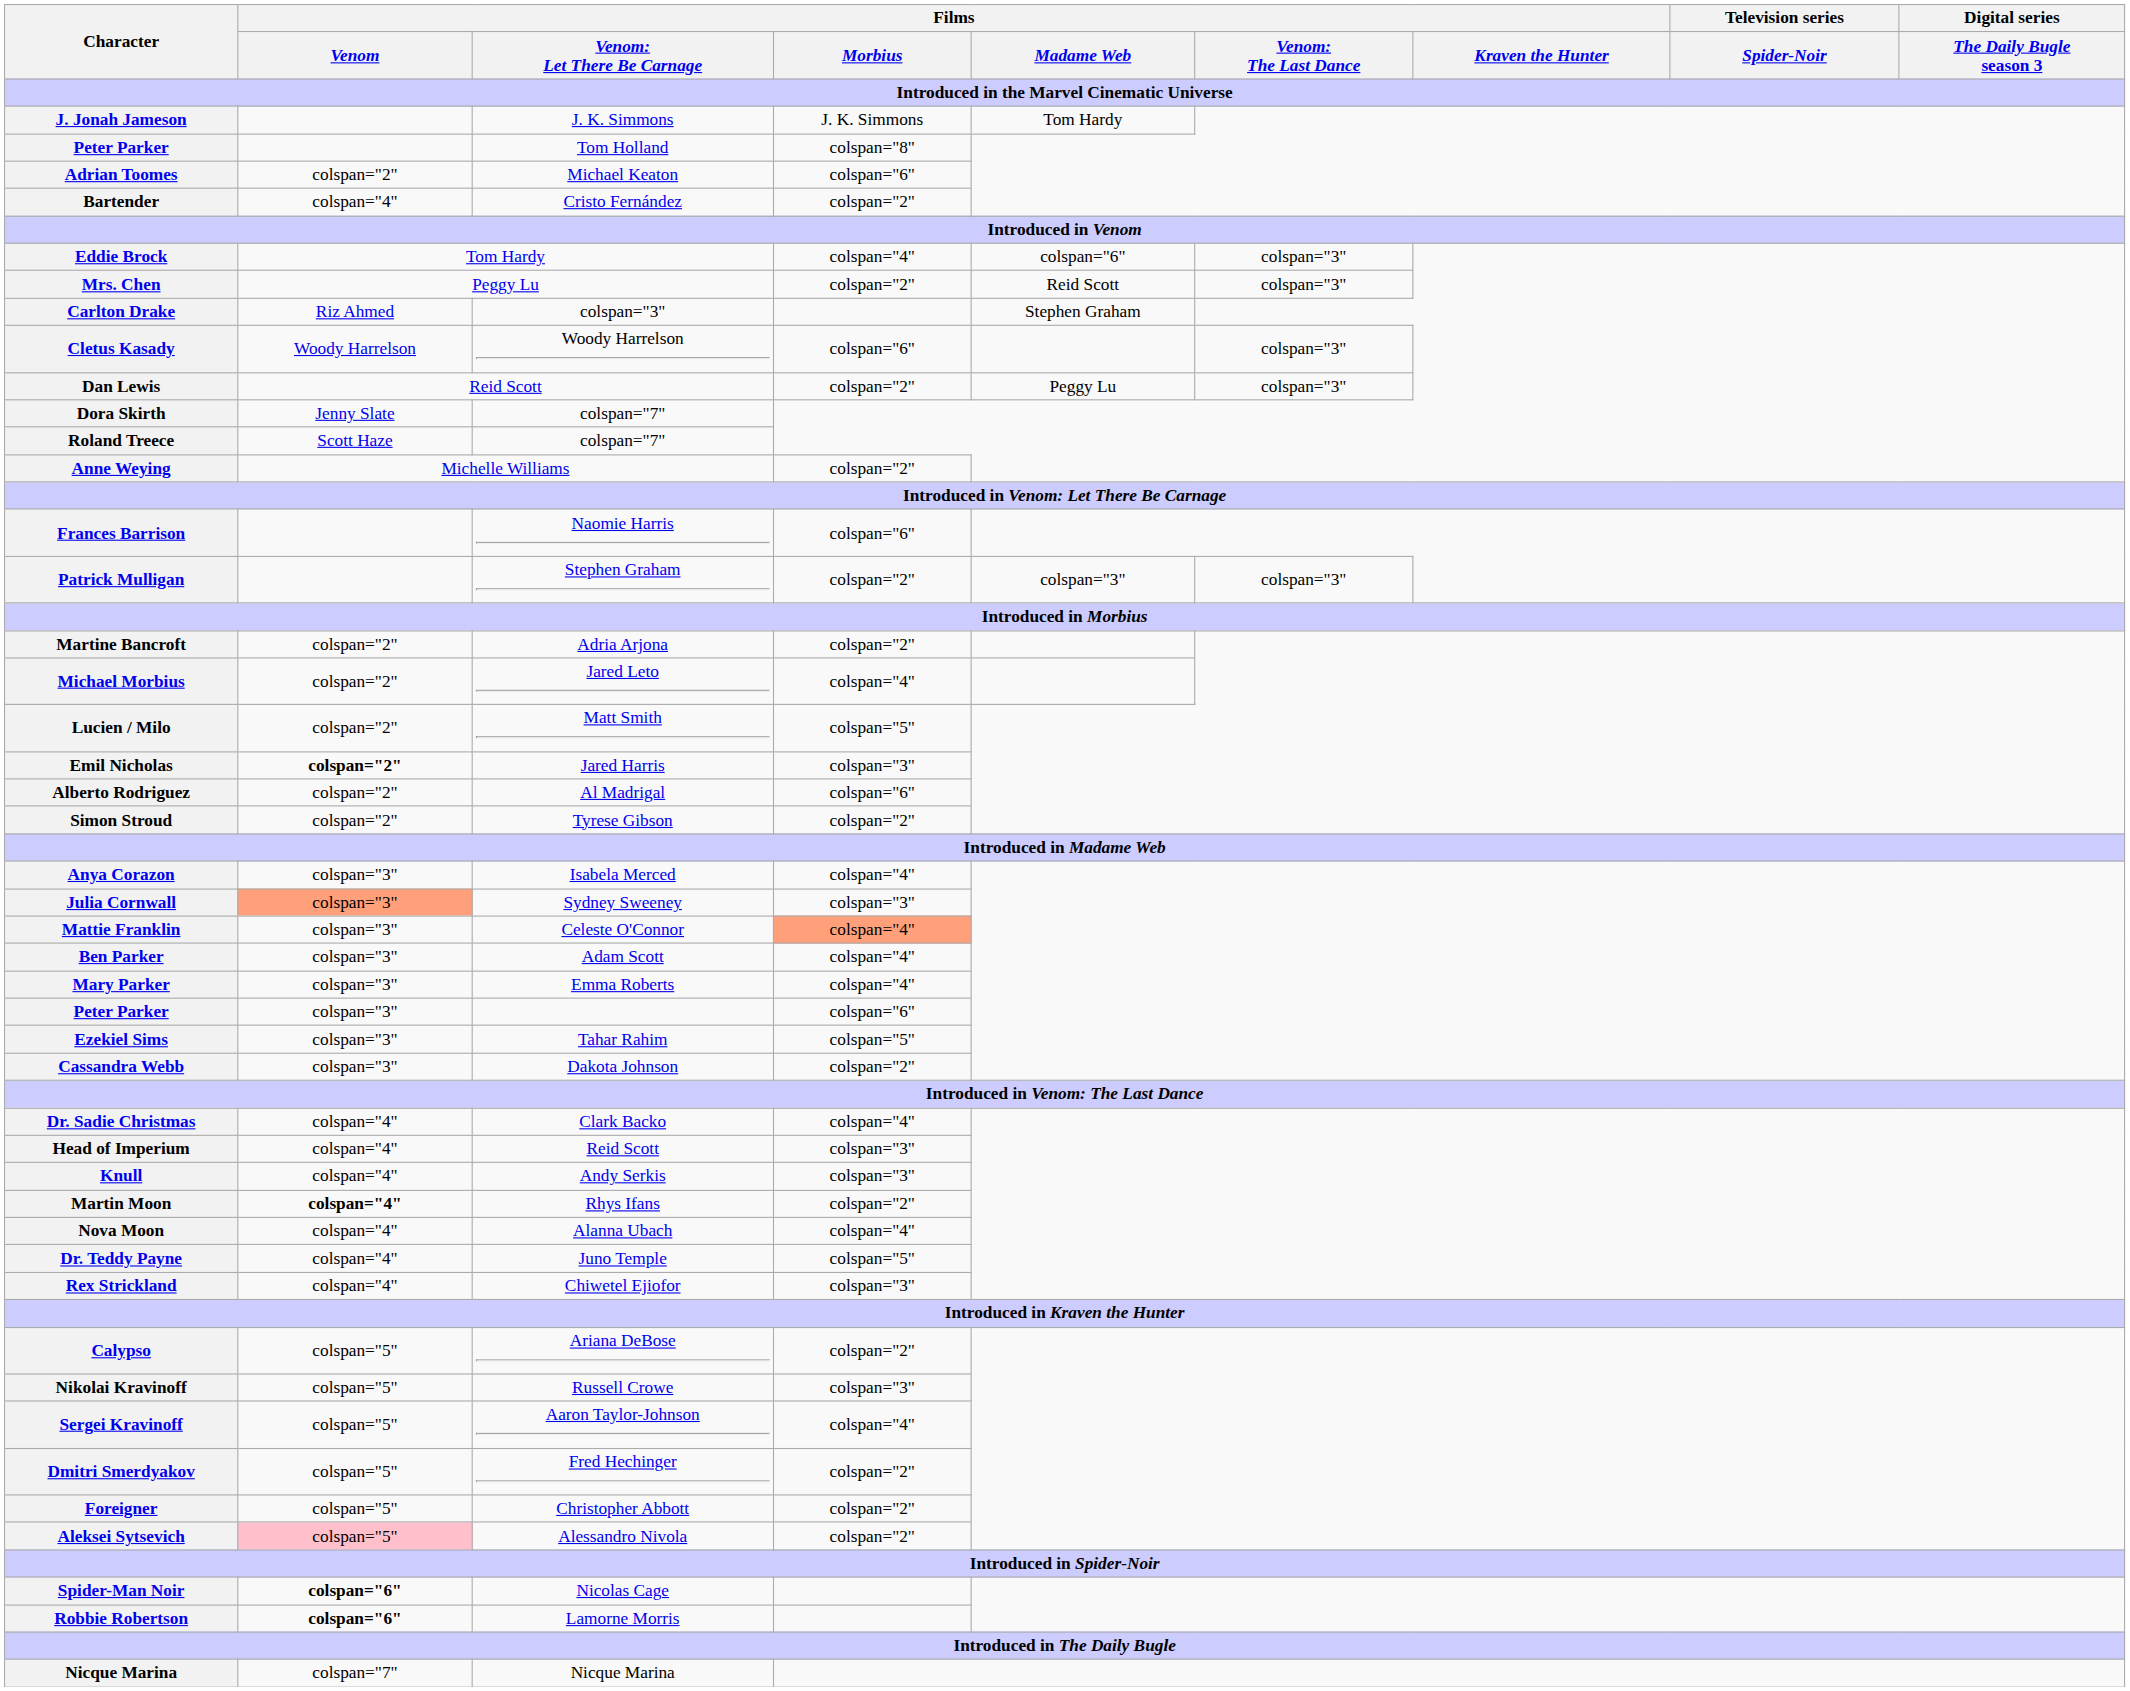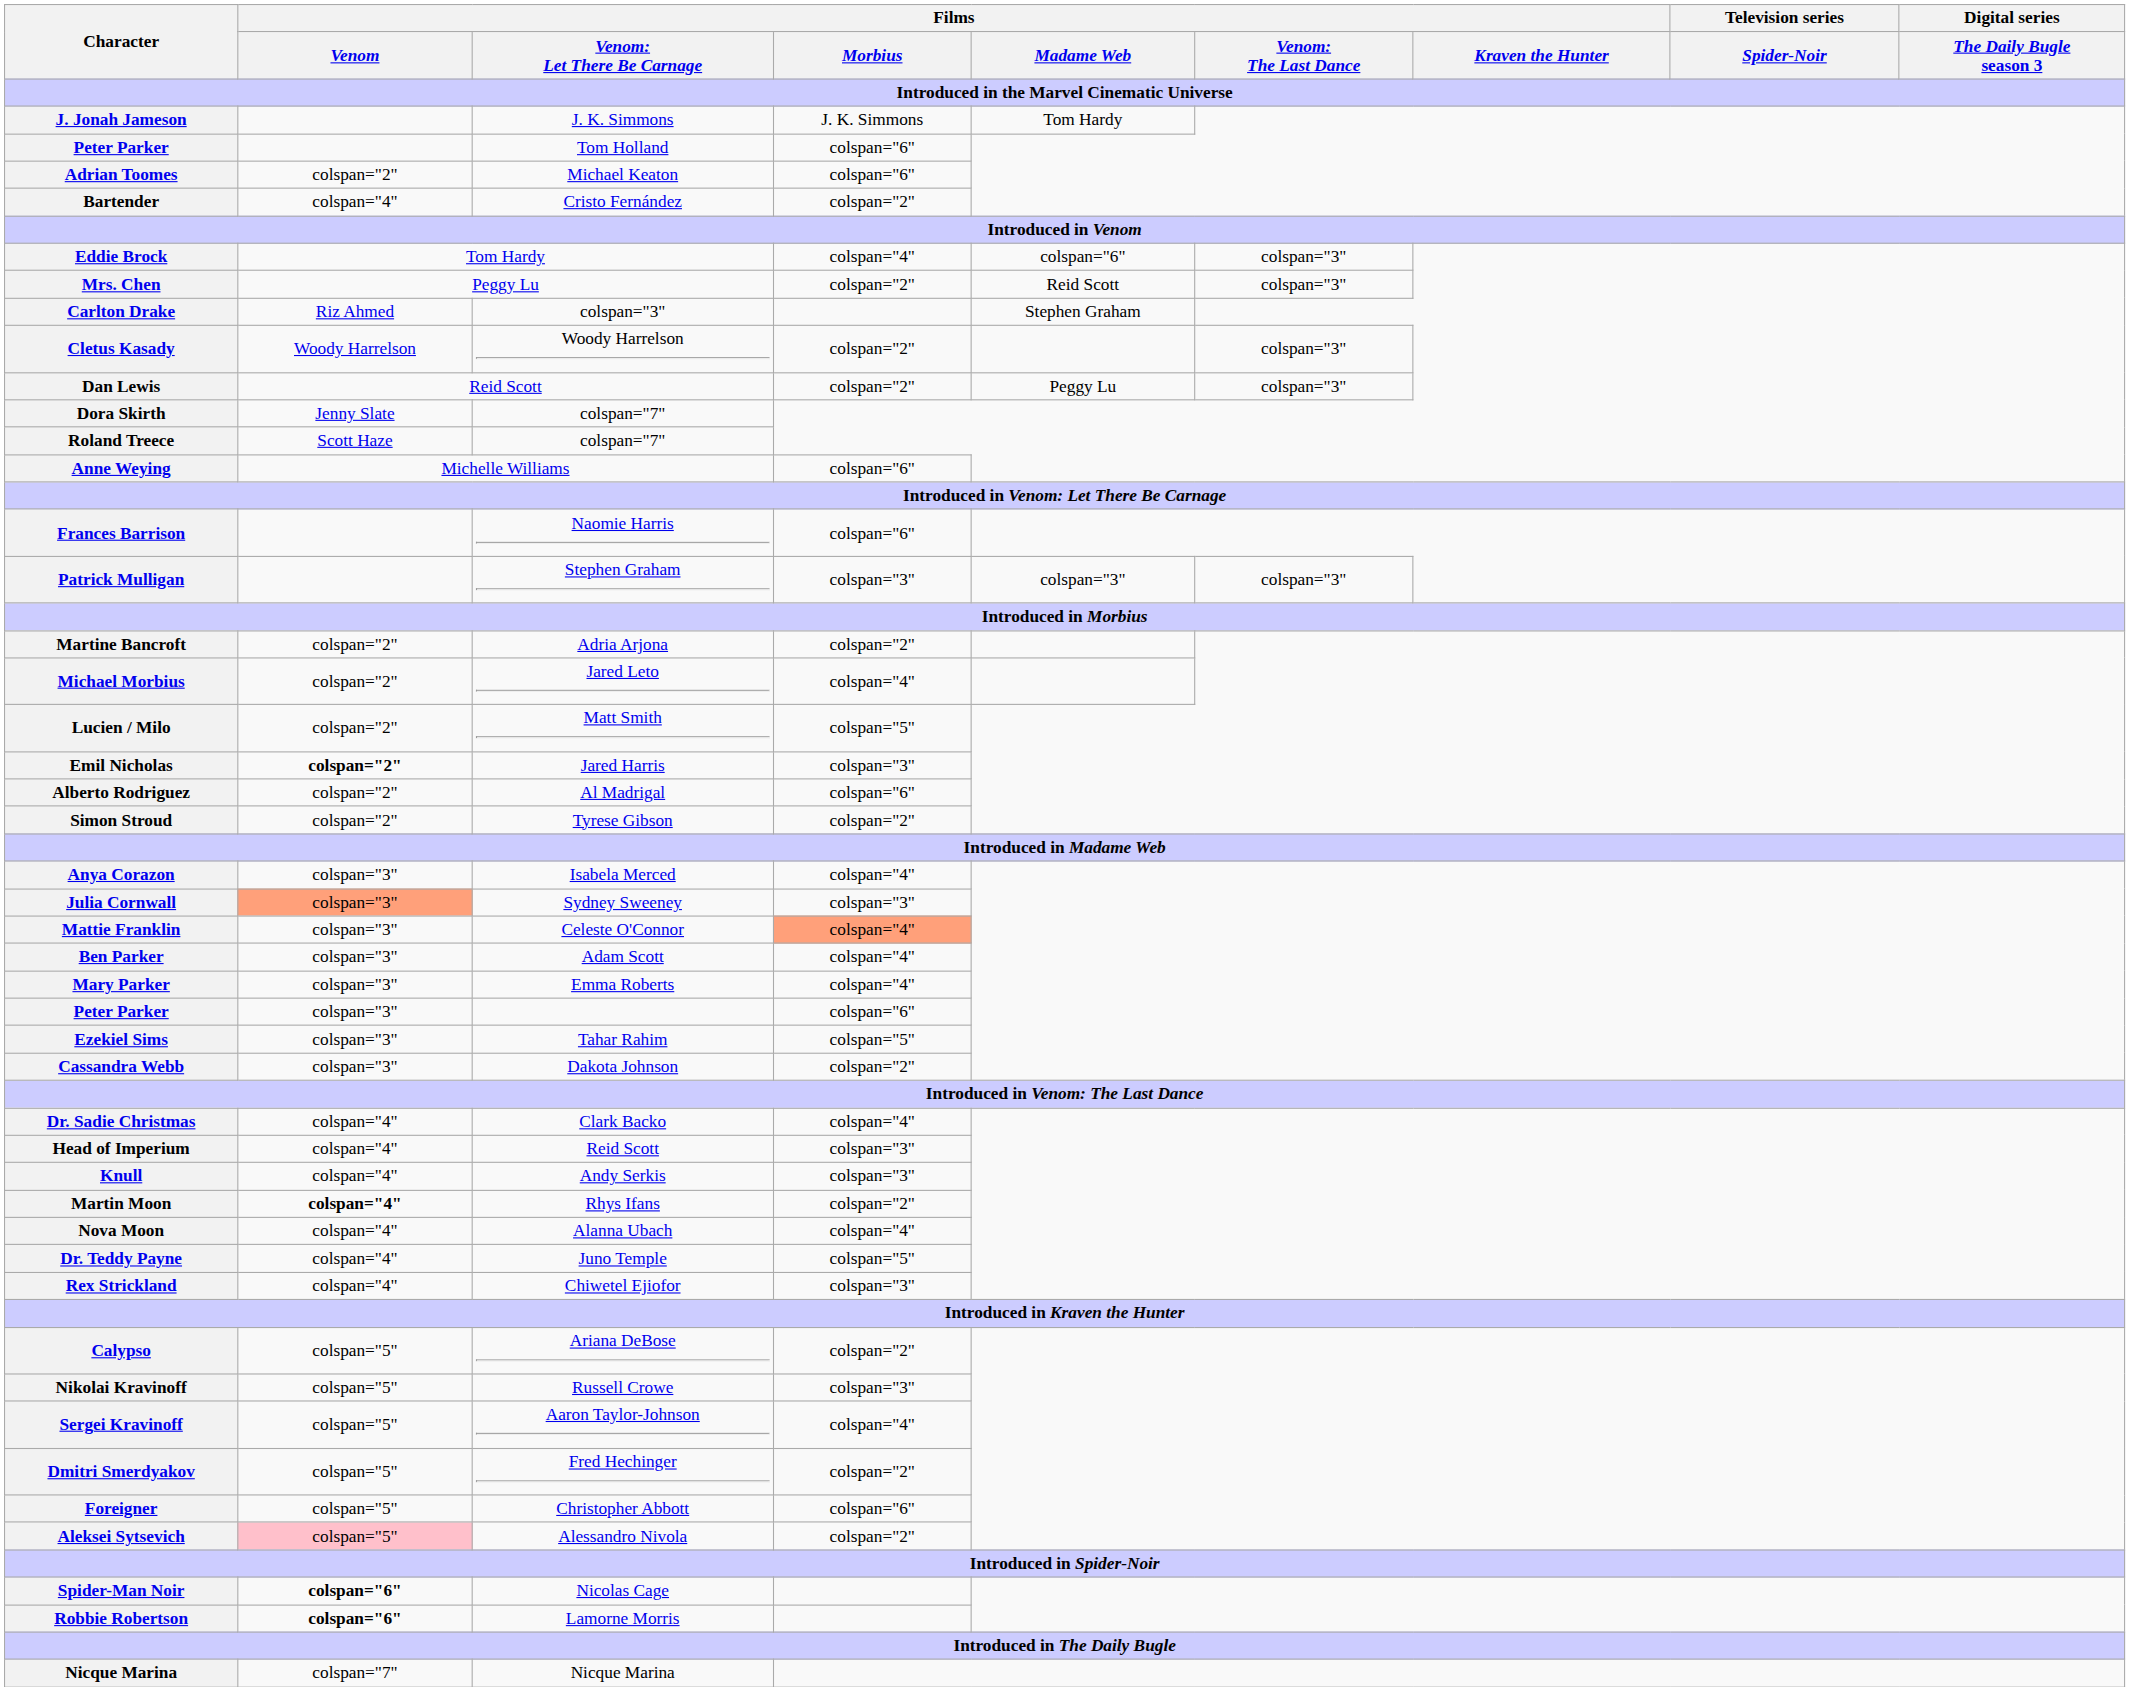 <table class="wikitable" style="text-align: center; width: 99%;">
 <tr>
 <th rowspan="2" style="width:11%;">Character</th>
 <th colspan="6">Films</th>
 <th>Television series</th>
 <th>Digital series</th>
 </tr>
 <tr>
 <th><em><a href='#'>Venom</a></em></th>
 <th><em><a href='#'>Venom:<br>Let There Be Carnage</a></em></th>
 <th><em><a href='#'>Morbius</a></em></th>
 <th><em><a href='#'>Madame Web</a></em></th>
 <th><em><a href='#'>Venom:<br>The Last Dance</a></em></th>
 <th><em><a href='#'>Kraven the Hunter</a></em></th>
 <th><em><a href='#'>Spider-Noir</a></em><br></th>
 <th><a href='#'><em>The Daily Bugle</em><br>season 3</a></th>
 </tr>
 <tr>
 <th colspan="9" style="background:#ccf;">Introduced in the Marvel Cinematic Universe</th>
 </tr>
 <tr>
 <th scope"row"><a href='#'>J. Jonah Jameson</a></th>
 <td></td>
 <td><a href='#'>J. K. Simmons</a></td>
 <td>J. K. Simmons</td>
 <td>Tom Hardy</td>
 </tr>
 <tr>
 <th scope="row"><a href='#'>Peter Parker<br></a></th>
 <td></td>
 <td><a href='#'>Tom Holland</a></td>
-<td>colspan="8" </td>
+<td>colspan="6" </td>
 </tr>
 <tr>
 <th scope="row"><a href='#'>Adrian Toomes<br></a></th>
 <td>colspan="2" </td>
 <td><a href='#'>Michael Keaton</a></td>
 <td>colspan="6" </td>
 </tr>
 <tr>
 <th scope="row">Bartender</th>
 <td>colspan="4" </td>
 <td><a href='#'>Cristo Fernández</a></td>
 <td>colspan="2" </td>
 </tr>
 <tr>
 <th colspan="9" style="background:#ccf;">Introduced in <em>Venom</em></th>
 </tr>
 <tr>
 <th scope="row"><a href='#'>Eddie Brock</a><br></th>
 <td colspan="2"><a href='#'>Tom Hardy</a></td>
 <td>colspan="4" </td>
 <td>colspan="6" </td>
 <td>colspan="3" </td>
 </tr>
 <tr>
 <th scope="row"><a href='#'>Mrs. Chen</a></th>
 <td colspan="2"><a href='#'>Peggy Lu</a></td>
 <td>colspan="2" </td>
 <td>Reid Scott</td>
 <td>colspan="3" </td>
 </tr>
 <tr>
 <th scope="row"><a href='#'>Carlton Drake</a><br></th>
 <td><a href='#'>Riz Ahmed</a></td>
 <td>colspan="3" </td>
 <td></td>
 <td>Stephen Graham</td>
 </tr>
 <tr>
 <th scope="row"><a href='#'>Cletus Kasady</a><br></th>
 <td><a href='#'>Woody Harrelson</a></td>
 <td>Woody Harrelson<hr></td>
-<td>colspan="6" </td>
+<td>colspan="2" </td>
 <td></td>
 <td>colspan="3" </td>
 </tr>
 <tr>
 <th scope="row">Dan Lewis</th>
 <td colspan="2"><a href='#'>Reid Scott</a></td>
 <td>colspan="2" </td>
 <td>Peggy Lu</td>
 <td>colspan="3" </td>
 </tr>
 <tr>
 <th scope="row">Dora Skirth</th>
 <td><a href='#'>Jenny Slate</a></td>
 <td>colspan="7" </td>
 </tr>
 <tr>
 <th scope="row">Roland Treece</th>
 <td><a href='#'>Scott Haze</a></td>
 <td>colspan="7" </td>
 </tr>
 <tr>
 <th scope="row"><a href='#'>Anne Weying</a></th>
 <td colspan="2"><a href='#'>Michelle Williams</a></td>
-<td>colspan="2" </td>
+<td>colspan="6" </td>
 </tr>
 <tr>
 <th colspan="9" style="background:#ccf;">Introduced in <em>Venom: Let There Be Carnage</em></th>
 </tr>
 <tr>
 <th scope="row"><a href='#'>Frances Barrison<br></a></th>
 <td></td>
 <td><a href='#'>Naomie Harris</a><hr></td>
 <td>colspan="6" </td>
 </tr>
 <tr>
 <th scope="row"><a href='#'>Patrick Mulligan</a><br></th>
 <td></td>
 <td><a href='#'>Stephen Graham</a><hr></td>
-<td>colspan="2" </td>
+<td>colspan="3" </td>
 <td>colspan="3" </td>
 <td>colspan="3" </td>
 </tr>
 <tr>
 <th colspan="9" style="background:#ccf;">Introduced in <em>Morbius</em></th>
 </tr>
 <tr>
 <th scope="row">Martine Bancroft</th>
 <td>colspan="2" </td>
 <td><a href='#'>Adria Arjona</a></td>
 <td>colspan="2" </td>
 <td></td>
 </tr>
 <tr>
 <th scope="row"><a href='#'>Michael Morbius</a></th>
 <td>colspan="2" </td>
 <td><a href='#'>Jared Leto</a><hr></td>
 <td>colspan="4" </td>
 <td></td>
 </tr>
 <tr>
 <th scope="row">Lucien / Milo</th>
 <td>colspan="2" </td>
 <td><a href='#'>Matt Smith</a><hr></td>
 <td>colspan="5" </td>
 </tr>
 <tr>
 <th scope="row">Emil Nicholas</th>
 <td><strong>colspan="2" </strong></td>
 <td><a href='#'>Jared Harris</a></td>
 <td>colspan="3" </td>
 </tr>
 <tr>
 <th scope="row">Alberto Rodriguez</th>
 <td>colspan="2" </td>
 <td><a href='#'>Al Madrigal</a></td>
 <td>colspan="6" </td>
 </tr>
 <tr>
 <th scope="row">Simon Stroud</th>
 <td>colspan="2" </td>
 <td><a href='#'>Tyrese Gibson</a></td>
 <td>colspan="2" </td>
 </tr>
 <tr>
 <th colspan="9" style="background:#ccf;">Introduced in <em>Madame Web</em></th>
 </tr>
 <tr>
 <th scope="row"><a href='#'>Anya Corazon</a></th>
 <td>colspan="3" </td>
 <td><a href='#'>Isabela Merced</a></td>
 <td>colspan="4" </td>
 </tr>
 <tr>
 <th scope="row"><a href='#'>Julia Cornwall</a></th>
 <td style="background: lightsalmon;">colspan="3" </td>
 <td><a href='#'>Sydney Sweeney</a></td>
 <td>colspan="3" </td>
 </tr>
 <tr>
 <th scope="row"><a href='#'>Mattie Franklin</a></th>
 <td>colspan="3" </td>
 <td><a href='#'>Celeste O'Connor</a></td>
 <td style="background: lightsalmon;">colspan="4" </td>
 </tr>
 <tr>
 <th scope="row"><a href='#'>Ben Parker</a></th>
 <td>colspan="3" </td>
 <td><a href='#'>Adam Scott</a></td>
 <td>colspan="4" </td>
 </tr>
 <tr>
 <th scope="row"><a href='#'>Mary Parker</a></th>
 <td>colspan="3" </td>
 <td><a href='#'>Emma Roberts</a></td>
 <td>colspan="4" </td>
 </tr>
 <tr>
 <th scope="row"><a href='#'>Peter Parker</a></th>
 <td>colspan="3" </td>
 <td></td>
 <td>colspan="6" </td>
 </tr>
 <tr>
 <th scope="row"><a href='#'>Ezekiel Sims</a></th>
 <td>colspan="3" </td>
 <td><a href='#'>Tahar Rahim</a></td>
 <td>colspan="5" </td>
 </tr>
 <tr>
 <th scope="row"><a href='#'>Cassandra Webb<br></a></th>
 <td>colspan="3" </td>
 <td><a href='#'>Dakota Johnson</a></td>
 <td>colspan="2" </td>
 </tr>
 <tr>
 <th colspan="9" style="background:#ccf;">Introduced in <em>Venom: The Last Dance</em></th>
 </tr>
 <tr>
 <th scope="row"><a href='#'>Dr. Sadie Christmas<br></a></th>
 <td>colspan="4" </td>
 <td><a href='#'>Clark Backo</a></td>
 <td>colspan="4" </td>
 </tr>
 <tr>
 <th scope="row">Head of Imperium</th>
 <td>colspan="4" </td>
 <td><a href='#'>Reid Scott</a></td>
 <td>colspan="3" </td>
 </tr>
 <tr>
 <th scope="row"><a href='#'>Knull<br></a></th>
 <td>colspan="4" </td>
 <td><a href='#'>Andy Serkis</a></td>
 <td>colspan="3" </td>
 </tr>
 <tr>
 <th scope="row">Martin Moon</th>
 <td><strong>colspan="4" </strong></td>
 <td><a href='#'>Rhys Ifans</a></td>
 <td>colspan="2" </td>
 </tr>
 <tr>
 <th scope="row">Nova Moon</th>
 <td>colspan="4" </td>
 <td><a href='#'>Alanna Ubach</a></td>
 <td>colspan="4" </td>
 </tr>
 <tr>
 <th scope="row"><a href='#'>Dr. Teddy Payne</a><br><a href='#'></a></th>
 <td>colspan="4" </td>
 <td><a href='#'>Juno Temple</a></td>
 <td>colspan="5" </td>
 </tr>
 <tr>
 <th scope="row"><a href='#'>Rex Strickland</a></th>
 <td>colspan="4" </td>
 <td><a href='#'>Chiwetel Ejiofor</a></td>
 <td>colspan="3" </td>
 </tr>
 <tr>
 <th colspan="9" style="background:#ccf;">Introduced in <em>Kraven the Hunter</em></th>
 </tr>
 <tr>
 <th scope="row"><a href='#'>Calypso</a></th>
 <td>colspan="5" </td>
 <td><a href='#'>Ariana DeBose</a><hr></td>
 <td>colspan="2" </td>
 </tr>
 <tr>
 <th scope="row">Nikolai Kravinoff</th>
 <td>colspan="5" </td>
 <td><a href='#'>Russell Crowe</a></td>
 <td>colspan="3" </td>
 </tr>
 <tr>
 <th scope="row"><a href='#'>Sergei Kravinoff<br></a></th>
 <td>colspan="5" </td>
 <td><a href='#'>Aaron Taylor-Johnson</a><hr></td>
 <td>colspan="4" </td>
 </tr>
 <tr>
 <th scope="row"><a href='#'>Dmitri Smerdyakov<br></a></th>
 <td>colspan="5" </td>
 <td><a href='#'>Fred Hechinger</a><hr></td>
 <td>colspan="2" </td>
 </tr>
 <tr>
 <th scope="row"><a href='#'>Foreigner</a></th>
 <td>colspan="5" </td>
 <td><a href='#'>Christopher Abbott</a></td>
-<td>colspan="2" </td>
+<td>colspan="6" </td>
 </tr>
 <tr>
 <th scope="row"><a href='#'>Aleksei Sytsevich<br></a></th>
 <td style="background: pink;">colspan="5" </td>
 <td><a href='#'>Alessandro Nivola</a></td>
 <td>colspan="2" </td>
 </tr>
 <tr>
 <th colspan="9" style="background:#ccf;">Introduced in <em>Spider-Noir</em></th>
 </tr>
 <tr>
 <th scope="row"><a href='#'>Spider-Man Noir</a></th>
 <td><strong>colspan="6" </strong></td>
 <td><a href='#'>Nicolas Cage</a></td>
 <td></td>
 </tr>
 <tr>
 <th scope="row"><a href='#'>Robbie Robertson</a></th>
 <td><strong>colspan="6" </strong></td>
 <td><a href='#'>Lamorne Morris</a></td>
 <td><br></td>
 </tr>
 <tr>
 <th colspan="9" style="background:#ccf;">Introduced in <em>The Daily Bugle</em></th>
 </tr>
 <tr>
 <th scope="row">Nicque Marina</th>
 <td>colspan="7" </td>
 <td>Nicque Marina</td>
 </tr>
 </table>
